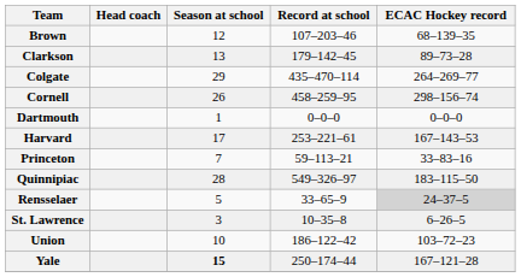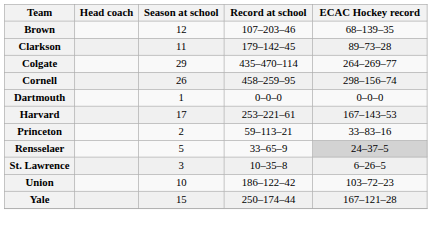 <table class="wikitable sortable" style="text-align: center; "width=50%">
 <tr>
 <th>Team</th>
 <th>Head coach</th>
 <th>Season at school</th>
 <th>Record at school</th>
 <th>ECAC Hockey record</th>
 </tr>
 <tr>
 <th>Brown</th>
 <td></td>
 <td>12</td>
 <td>107–203–46</td>
 <td>68–139–35</td>
 </tr>
 <tr bgcolor=f0f0f0>
 <th>Clarkson</th>
 <td></td>
-<td>13</td>
+<td>11</td>
 <td>179–142–45</td>
 <td>89–73–28</td>
 </tr>
 <tr>
 <th>Colgate</th>
 <td></td>
 <td>29</td>
 <td>435–470–114</td>
 <td>264–269–77</td>
 </tr>
 <tr bgcolor=f0f0f0>
 <th>Cornell</th>
 <td></td>
 <td>26</td>
 <td>458–259–95</td>
 <td>298–156–74</td>
 </tr>
 <tr>
 <th>Dartmouth</th>
 <td></td>
 <td>1</td>
 <td>0–0–0</td>
 <td>0–0–0</td>
 </tr>
 <tr bgcolor=f0f0f0>
 <th>Harvard</th>
 <td></td>
 <td>17</td>
 <td>253–221–61</td>
 <td>167–143–53</td>
 </tr>
 <tr>
 <th>Princeton</th>
 <td></td>
-<td>7</td>
+<td>2</td>
 <td>59–113–21</td>
 <td>33–83–16</td>
-</tr>
-<tr bgcolor=f0f0f0>
-<th>Quinnipiac</th>
-<td></td>
-<td>28</td>
-<td>549–326–97</td>
-<td>183–115–50</td>
 </tr>
 <tr>
 <th>Rensselaer</th>
 <td></td>
 <td>5</td>
 <td>33–65–9</td>
 <td style="background: lightgrey;">24–37–5</td>
 </tr>
 <tr bgcolor=f0f0f0>
 <th>St. Lawrence</th>
 <td></td>
 <td>3</td>
 <td>10–35–8</td>
 <td>6–26–5</td>
 </tr>
 <tr>
 <th>Union</th>
 <td></td>
 <td>10</td>
 <td>186–122–42</td>
 <td>103–72–23</td>
 </tr>
 <tr bgcolor=f0f0f0>
 <th>Yale</th>
 <td></td>
-<td><strong>15</strong></td>
+<td>15</td>
 <td>250–174–44</td>
 <td>167–121–28</td>
 </tr>
 <tr>
 </tr>
 </table>
